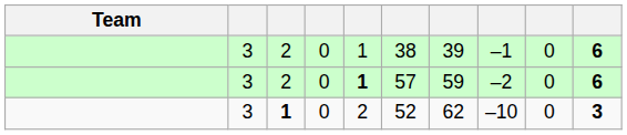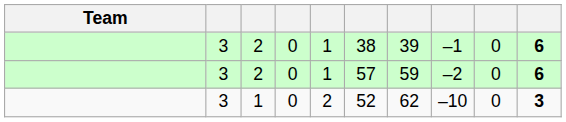 <table class="wikitable" style="text-align:center;">
 <tr>
 <th style="width:11.0em;">Team</th>
 <th style="width:1.5em;"></th>
 <th style="width:1.5em;"></th>
 <th style="width:1.5em;"></th>
 <th style="width:1.5em;"></th>
 <th style="width:2.0em;"></th>
 <th style="width:2.0em;"></th>
 <th style="width:2.0em;"></th>
 <th style="width:2.0em;"></th>
 <th style="width:2.0em;"></th>
 </tr>
 <tr bgcolor=#cfc>
 <td align="left"></td>
 <td>3</td>
 <td>2</td>
 <td>0</td>
 <td>1</td>
 <td>38</td>
 <td>39</td>
 <td>–1</td>
 <td>0</td>
 <td><strong>6</strong></td>
 </tr>
 <tr bgcolor=#cfc>
 <td align="left"></td>
 <td>3</td>
 <td>2</td>
 <td>0</td>
-<td><strong>1</strong></td>
+<td>1</td>
 <td>57</td>
 <td>59</td>
 <td>–2</td>
 <td>0</td>
 <td><strong>6</strong></td>
 </tr>
 <tr>
 <td align="left"></td>
 <td>3</td>
-<td><strong>1</strong></td>
+<td>1</td>
 <td>0</td>
 <td>2</td>
 <td>52</td>
 <td>62</td>
 <td>–10</td>
 <td>0</td>
 <td><strong>3</strong></td>
 </tr>
 </table>
